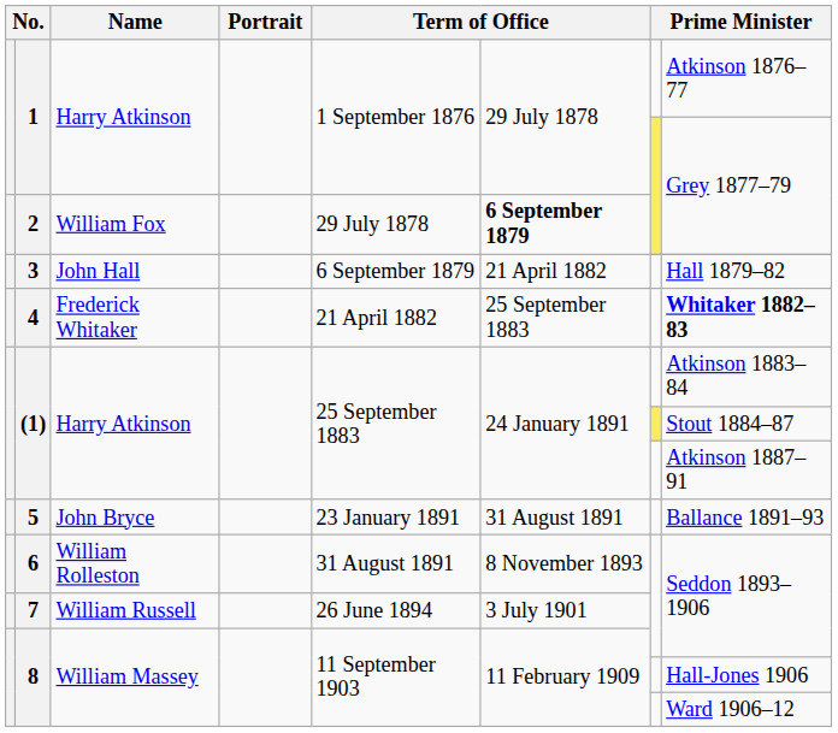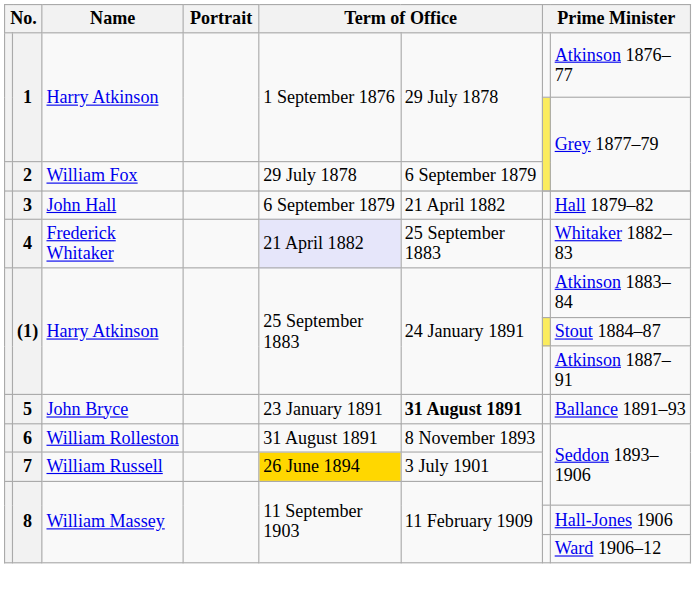 <table class="wikitable" "text-align:center">
 <tr>
 <th colspan=2>No.</th>
 <th>Name</th>
 <th width=60>Portrait</th>
 <th colspan=2>Term of Office</th>
 <th colspan=2>Prime Minister</th>
 </tr>
 <tr>
 <th height=50 style="border-bottom:solid 0 grey; background:"></th>
 <th rowspan=2>1</th>
 <td rowspan=2><a href='#'>Harry Atkinson</a></td>
 <td rowspan=2></td>
 <td rowspan=2>1 September 1876</td>
 <td rowspan=2>29 July 1878</td>
 <td style="background:"></td>
 <td><a href='#'>Atkinson</a> 1876–77</td>
 </tr>
 <tr>
 <th height=50 style="border-top:solid 0 grey; background:"></th>
 <td rowspan=2 style="background:#FBEC5D"></td>
 <td rowspan=2><a href='#'>Grey</a> 1877–79</td>
 </tr>
 <tr>
 <th style="background:"></th>
 <th>2</th>
 <td><a href='#'>William Fox</a></td>
 <td></td>
 <td>29 July 1878</td>
-<td><strong>6 September 1879</strong></td>
+<td>6 September 1879</td>
 </tr>
 <tr>
 <th rowspan=2 style="background:"></th>
 <th rowspan=2>3</th>
 <td rowspan=2><a href='#'>John Hall</a></td>
 <td rowspan=2></td>
 <td rowspan=2>6 September 1879</td>
 <td rowspan=2>21 April 1882</td>
 </tr>
 <tr>
 <td style="background:"></td>
 <td><a href='#'>Hall</a> 1879–82</td>
 </tr>
 <tr>
 <th style="background:"></th>
 <th>4</th>
 <td><a href='#'>Frederick Whitaker</a></td>
 <td></td>
-<td>21 April 1882</td>
+<td style="background: lavender;">21 April 1882</td>
 <td>25 September 1883</td>
 <td style="background:"></td>
-<td><strong><a href='#'>Whitaker</a> 1882–83</strong></td>
+<td><a href='#'>Whitaker</a> 1882–83</td>
 </tr>
 <tr>
 <th rowspan=3 style="background:"></th>
 <th rowspan=3>(1)</th>
 <td rowspan=3><a href='#'>Harry Atkinson</a></td>
 <td rowspan=3></td>
 <td rowspan=3>25 September 1883</td>
 <td rowspan=3>24 January 1891</td>
 <td style="background:"></td>
 <td><a href='#'>Atkinson</a> 1883–84</td>
 </tr>
 <tr>
 <td style="background:#FBEC5D"></td>
 <td><a href='#'>Stout</a> 1884–87</td>
 </tr>
 <tr>
 <td style="background:"></td>
 <td><a href='#'>Atkinson</a> 1887–91</td>
 </tr>
 <tr>
 <th style="background:"></th>
 <th>5</th>
 <td><a href='#'>John Bryce</a></td>
 <td></td>
 <td>23 January 1891</td>
-<td>31 August 1891</td>
+<td><strong>31 August 1891</strong></td>
 <td rowspan=2 style="background:"></td>
 <td rowspan=2><a href='#'>Ballance</a> 1891–93</td>
 </tr>
 <tr>
 <th rowspan=2 style="background:"></th>
 <th rowspan=2>6</th>
 <td rowspan=2><a href='#'>William Rolleston</a></td>
 <td rowspan=2></td>
 <td rowspan=2>31 August 1891</td>
 <td rowspan=2>8 November 1893</td>
 </tr>
 <tr>
 <td rowspan=2 style="border-bottom:solid 0 grey; background:"></td>
 <td rowspan=3><a href='#'>Seddon</a> 1893–1906</td>
 </tr>
 <tr>
 <th style="background:"></th>
 <th>7</th>
 <td><a href='#'>William Russell</a></td>
 <td></td>
-<td>26 June 1894</td>
+<td style="background: gold;">26 June 1894</td>
 <td>3 July 1901</td>
 </tr>
 <tr>
 <th rowspan=3 style="background:"></th>
 <th rowspan=3>8</th>
 <td rowspan=3><a href='#'>William Massey</a></td>
 <td rowspan=3></td>
 <td rowspan=3>11 September 1903</td>
 <td rowspan=3>11 February 1909</td>
 <td height=15 style="border-top:solid 0 grey; background:"></td>
 </tr>
 <tr>
 <td height=15 style="background:"></td>
 <td><a href='#'>Hall-Jones</a> 1906</td>
 </tr>
 <tr>
 <td height=15 style="background:"></td>
 <td><a href='#'>Ward</a> 1906–12</td>
 </tr>
 </table>
